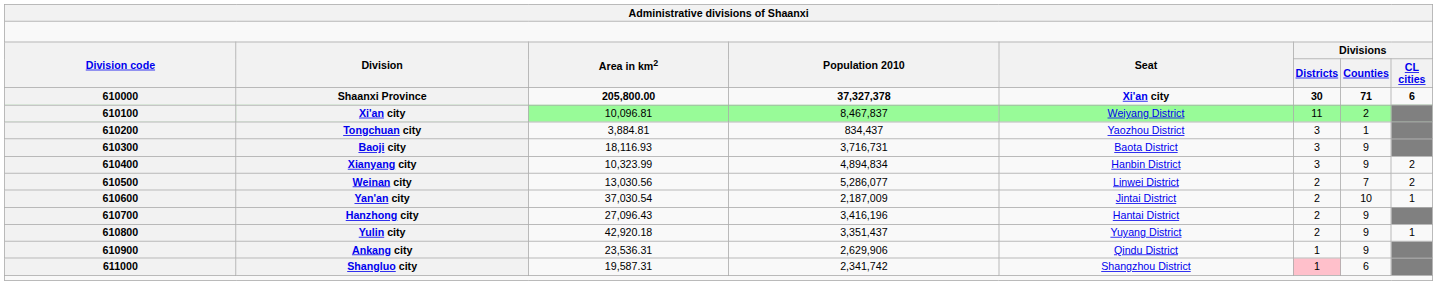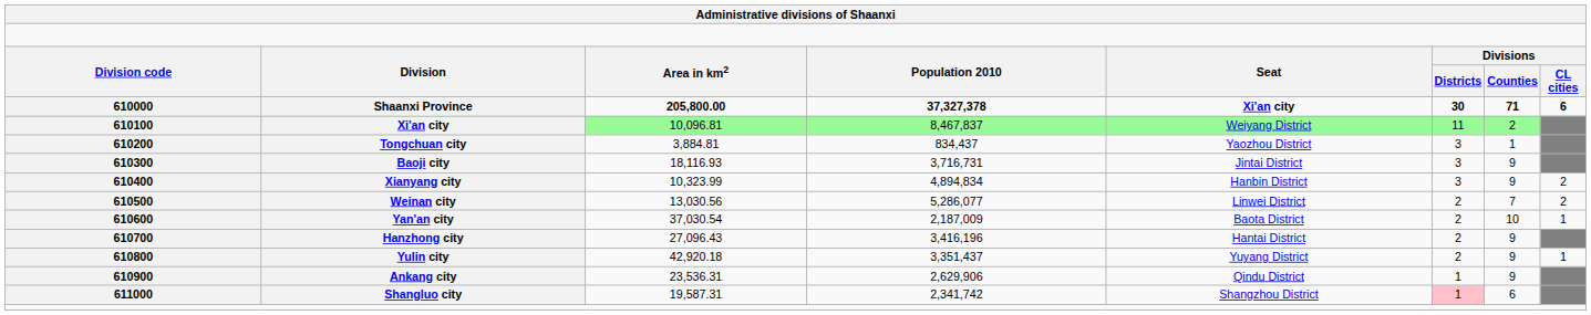 <table class="wikitable" style="margin:1em auto 1em auto; width:90%; font-size:smaller; text-align:center">
 <tr>
 <th colspan="9"><strong>Administrative divisions of Shaanxi</strong></th>
 </tr>
 <tr>
 <td colspan="9" style="font-size:larger"><div><br>             </div></td>
 </tr>
 <tr>
 <th ! scope="col" rowspan="2"><a href='#'>Division code</a></th>
 <th ! scope="col" rowspan="2">Division</th>
 <th ! scope="col" rowspan="2">Area in km<sup>2</sup></th>
 <th ! scope="col" rowspan="2">Population 2010</th>
 <th ! scope="col" rowspan="2">Seat</th>
 <th ! scope="col" colspan="3">Divisions</th>
 </tr>
 <tr>
 <th ! scope="col" style="width:45px;"><a href='#'>Districts</a></th>
 <th ! scope="col" style="width:45px;"><a href='#'>Counties</a></th>
 <th ! scope="col" style="width:45px;"><a href='#'>CL cities</a></th>
 </tr>
 <tr style="font-weight: bold">
 <th>610000</th>
 <th>Shaanxi Province</th>
 <td>205,800.00</td>
 <td>37,327,378</td>
 <td><a href='#'>Xi'an</a> city</td>
 <td>30</td>
 <td>71</td>
 <td>6</td>
 </tr>
 <tr style="background:#98fb98;">
 <th>610100</th>
 <th><a href='#'>Xi'an</a> city</th>
 <td>10,096.81</td>
 <td>8,467,837</td>
 <td><a href='#'>Weiyang District</a></td>
 <td>11</td>
 <td>2</td>
 <td style="background:gray;"></td>
 </tr>
 <tr>
 <th>610200</th>
 <th><a href='#'>Tongchuan</a> city</th>
 <td>3,884.81</td>
 <td>834,437</td>
 <td><a href='#'>Yaozhou District</a></td>
 <td>3</td>
 <td>1</td>
 <td style="background:gray;"></td>
 </tr>
 <tr>
 <th>610300</th>
 <th><a href='#'>Baoji</a> city</th>
 <td>18,116.93</td>
 <td>3,716,731</td>
-<td><a href='#'>Baota District</a></td>
+<td><a href='#'>Jintai District</a></td>
 <td>3</td>
 <td>9</td>
 <td style="background:gray;"></td>
 </tr>
 <tr>
 <th>610400</th>
 <th><a href='#'>Xianyang</a> city</th>
 <td>10,323.99</td>
 <td>4,894,834</td>
 <td><a href='#'>Hanbin District</a></td>
 <td>3</td>
 <td>9</td>
 <td>2</td>
 </tr>
 <tr>
 <th>610500</th>
 <th><a href='#'>Weinan</a> city</th>
 <td>13,030.56</td>
 <td>5,286,077</td>
 <td><a href='#'>Linwei District</a></td>
 <td>2</td>
 <td>7</td>
 <td>2</td>
 </tr>
 <tr>
 <th>610600</th>
 <th><a href='#'>Yan'an</a> city</th>
 <td>37,030.54</td>
 <td>2,187,009</td>
-<td><a href='#'>Jintai District</a></td>
+<td><a href='#'>Baota District</a></td>
 <td>2</td>
 <td>10</td>
 <td>1</td>
 </tr>
 <tr>
 <th>610700</th>
 <th><a href='#'>Hanzhong</a> city</th>
 <td>27,096.43</td>
 <td>3,416,196</td>
 <td><a href='#'>Hantai District</a></td>
 <td>2</td>
 <td>9</td>
 <td style="background:gray;"></td>
 </tr>
 <tr>
 <th>610800</th>
 <th><a href='#'>Yulin</a> city</th>
 <td>42,920.18</td>
 <td>3,351,437</td>
 <td><a href='#'>Yuyang District</a></td>
 <td>2</td>
 <td>9</td>
 <td>1</td>
 </tr>
 <tr>
 <th>610900</th>
 <th><a href='#'>Ankang</a> city</th>
 <td>23,536.31</td>
 <td>2,629,906</td>
 <td><a href='#'>Qindu District</a></td>
 <td>1</td>
 <td>9</td>
 <td style="background:gray;"></td>
 </tr>
 <tr>
 <th>611000</th>
 <th><a href='#'>Shangluo</a> city</th>
 <td>19,587.31</td>
 <td>2,341,742</td>
 <td><a href='#'>Shangzhou District</a></td>
 <td style="background: pink;">1</td>
 <td>6</td>
 <td style="background:gray;"></td>
 </tr>
 <tr>
 <td colspan = "11"></td>
 </tr>
 </table>
